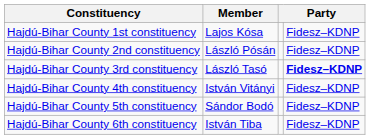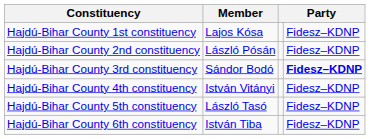 <table class="wikitable">
 <tr>
 <th>Constituency</th>
 <th>Member</th>
 <th colspan="2">Party</th>
 </tr>
 <tr>
 <td><a href='#'>Hajdú-Bihar County 1st constituency</a></td>
 <td><a href='#'>Lajos Kósa</a></td>
 <td style="background-color: "></td>
 <td><a href='#'>Fidesz–KDNP</a></td>
 </tr>
 <tr>
 <td><a href='#'>Hajdú-Bihar County 2nd constituency</a></td>
 <td><a href='#'>László Pósán</a></td>
 <td style="background-color: "></td>
 <td><a href='#'>Fidesz–KDNP</a></td>
 </tr>
 <tr>
 <td><a href='#'>Hajdú-Bihar County 3rd constituency</a></td>
-<td><a href='#'>László Tasó</a></td>
+<td><a href='#'>Sándor Bodó</a></td>
 <td style="background-color: "></td>
 <td><strong><a href='#'>Fidesz–KDNP</a></strong></td>
 </tr>
 <tr>
 <td><a href='#'>Hajdú-Bihar County 4th constituency</a></td>
 <td><a href='#'>István Vitányi</a></td>
 <td style="background-color: "></td>
 <td><a href='#'>Fidesz–KDNP</a></td>
 </tr>
 <tr>
 <td><a href='#'>Hajdú-Bihar County 5th constituency</a></td>
-<td><a href='#'>Sándor Bodó</a></td>
+<td><a href='#'>László Tasó</a></td>
 <td style="background-color: "></td>
 <td><a href='#'>Fidesz–KDNP</a></td>
 </tr>
 <tr>
 <td><a href='#'>Hajdú-Bihar County 6th constituency</a></td>
 <td><a href='#'>István Tiba</a></td>
 <td style="background-color: "></td>
 <td><a href='#'>Fidesz–KDNP</a></td>
 </tr>
 </table>
